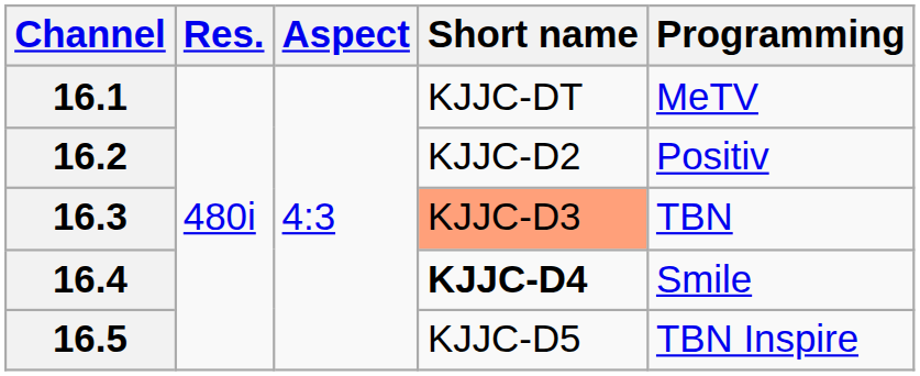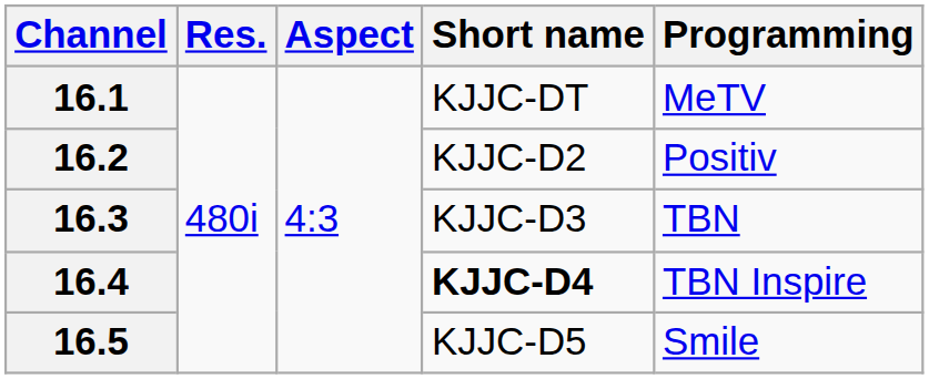 <table class="wikitable">
 <tr>
 <th scope="col"><a href='#'>Channel</a></th>
 <th scope="col"><a href='#'>Res.</a></th>
 <th scope="col"><a href='#'>Aspect</a></th>
 <th scope="col">Short name</th>
 <th scope="col">Programming</th>
 </tr>
 <tr>
 <th scope="row">16.1</th>
 <td rowspan=5><a href='#'>480i</a></td>
 <td rowspan=5><a href='#'>4:3</a></td>
 <td>KJJC-DT</td>
 <td><a href='#'>MeTV</a></td>
 </tr>
 <tr>
 <th scope="row">16.2</th>
 <td>KJJC-D2</td>
 <td><a href='#'>Positiv</a></td>
 </tr>
 <tr>
 <th scope="row">16.3</th>
-<td style="background: lightsalmon;">KJJC-D3</td>
+<td>KJJC-D3</td>
 <td><a href='#'>TBN</a></td>
 </tr>
 <tr>
 <th scope="row">16.4</th>
 <td><strong>KJJC-D4</strong></td>
-<td><a href='#'>Smile</a></td>
+<td><a href='#'>TBN Inspire</a></td>
 </tr>
 <tr>
 <th scope="row">16.5</th>
 <td>KJJC-D5</td>
-<td><a href='#'>TBN Inspire</a></td>
+<td><a href='#'>Smile</a></td>
 </tr>
 </table>
